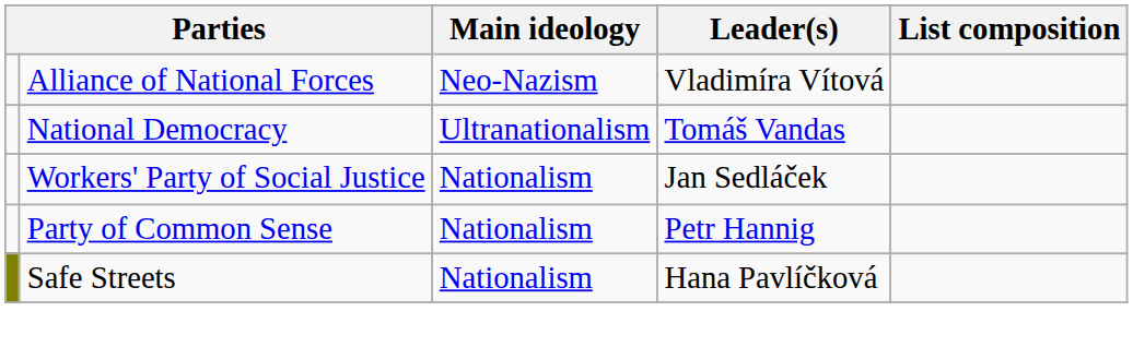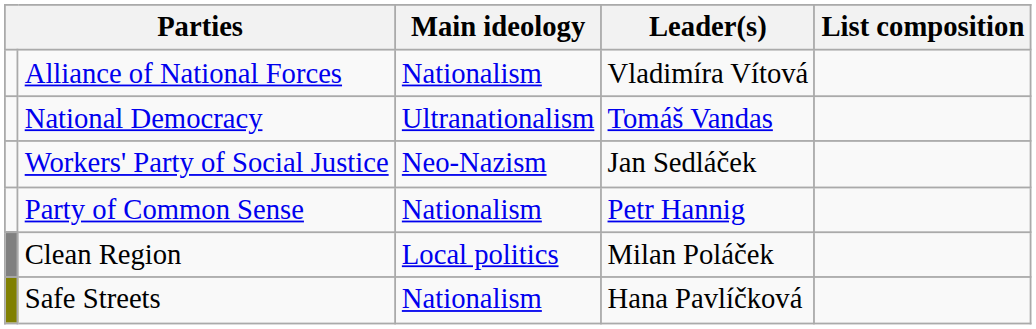 <table class="wikitable" style="font-size:100%">
 <tr>
 <th colspan="2">Parties</th>
 <th>Main ideology</th>
 <th>Leader(s)</th>
 <th>List composition</th>
 </tr>
 <tr>
 <td></td>
 <td><a href='#'>Alliance of National Forces</a></td>
-<td><a href='#'>Neo-Nazism</a></td>
+<td><a href='#'>Nationalism</a></td>
 <td>Vladimíra Vítová</td>
 <td></td>
 </tr>
 <tr>
 <td></td>
 <td><a href='#'>National Democracy</a></td>
 <td><a href='#'>Ultranationalism</a></td>
 <td><a href='#'>Tomáš Vandas</a></td>
 <td></td>
 </tr>
 <tr>
 <td></td>
 <td><a href='#'>Workers' Party of Social Justice</a></td>
-<td><a href='#'>Nationalism</a></td>
+<td><a href='#'>Neo-Nazism</a></td>
 <td>Jan Sedláček</td>
 <td></td>
 </tr>
 <tr>
 <td></td>
 <td><a href='#'>Party of Common Sense</a></td>
 <td><a href='#'>Nationalism</a></td>
 <td><a href='#'>Petr Hannig</a></td>
 <td></td>
 </tr>
 <tr>
+<td bgcolor="grey"></td>
+<td>Clean Region</td>
+<td><a href='#'>Local politics</a></td>
+<td>Milan Poláček</td>
+<td></td>
+</tr>
+<tr>
 <td bgcolor="olive"></td>
 <td>Safe Streets</td>
 <td><a href='#'>Nationalism</a></td>
 <td>Hana Pavlíčková</td>
 <td></td>
 </tr>
 </table>
